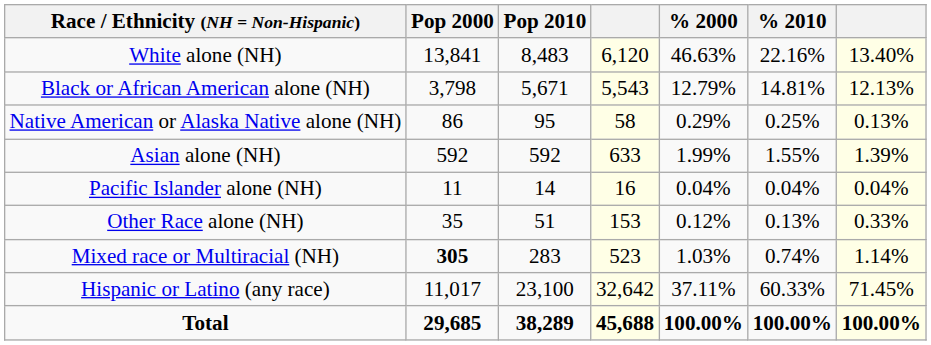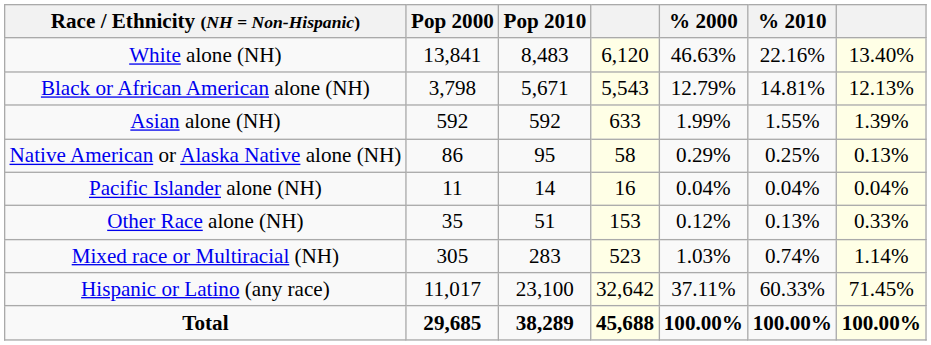 <table class="wikitable" style="text-align:center;">
 <tr>
 <th>Race / Ethnicity <small>(<em>NH = Non-Hispanic</em>)</small></th>
 <th>Pop 2000</th>
 <th>Pop 2010</th>
 <th></th>
 <th>% 2000</th>
 <th>% 2010</th>
 <th></th>
 </tr>
 <tr>
 <td><a href='#'>White</a> alone (NH)</td>
 <td>13,841</td>
 <td>8,483</td>
 <td style='background: #ffffe6;'>6,120</td>
 <td>46.63%</td>
 <td>22.16%</td>
 <td style='background: #ffffe6;'>13.40%</td>
 </tr>
 <tr>
 <td><a href='#'>Black or African American</a> alone (NH)</td>
 <td>3,798</td>
 <td>5,671</td>
 <td style='background: #ffffe6;'>5,543</td>
 <td>12.79%</td>
 <td>14.81%</td>
 <td style='background: #ffffe6;'>12.13%</td>
 </tr>
 <tr>
+<td><a href='#'>Asian</a> alone (NH)</td>
+<td>592</td>
+<td>592</td>
+<td style='background: #ffffe6;'>633</td>
+<td>1.99%</td>
+<td>1.55%</td>
+<td style='background: #ffffe6;'>1.39%</td>
+</tr>
+<tr>
 <td><a href='#'>Native American</a> or <a href='#'>Alaska Native</a> alone (NH)</td>
 <td>86</td>
 <td>95</td>
 <td style='background: #ffffe6;'>58</td>
 <td>0.29%</td>
 <td>0.25%</td>
 <td style='background: #ffffe6;'>0.13%</td>
-</tr>
-<tr>
-<td><a href='#'>Asian</a> alone (NH)</td>
-<td>592</td>
-<td>592</td>
-<td style='background: #ffffe6;'>633</td>
-<td>1.99%</td>
-<td>1.55%</td>
-<td style='background: #ffffe6;'>1.39%</td>
 </tr>
 <tr>
 <td><a href='#'>Pacific Islander</a> alone (NH)</td>
 <td>11</td>
 <td>14</td>
 <td style='background: #ffffe6;'>16</td>
 <td>0.04%</td>
 <td>0.04%</td>
 <td style='background: #ffffe6;'>0.04%</td>
 </tr>
 <tr>
 <td><a href='#'>Other Race</a> alone (NH)</td>
 <td>35</td>
 <td>51</td>
 <td style='background: #ffffe6;'>153</td>
 <td>0.12%</td>
 <td>0.13%</td>
 <td style='background: #ffffe6;'>0.33%</td>
 </tr>
 <tr>
 <td><a href='#'>Mixed race or Multiracial</a> (NH)</td>
-<td><strong>305</strong></td>
+<td>305</td>
 <td>283</td>
 <td style='background: #ffffe6;'>523</td>
 <td>1.03%</td>
 <td>0.74%</td>
 <td style='background: #ffffe6;'>1.14%</td>
 </tr>
 <tr>
 <td><a href='#'>Hispanic or Latino</a> (any race)</td>
 <td>11,017</td>
 <td>23,100</td>
 <td style='background: #ffffe6;'>32,642</td>
 <td>37.11%</td>
 <td>60.33%</td>
 <td style='background: #ffffe6;'>71.45%</td>
 </tr>
 <tr>
 <td><strong>Total</strong></td>
 <td><strong>29,685</strong></td>
 <td><strong>38,289</strong></td>
 <td style='background: #ffffe6;'><strong>45,688</strong></td>
 <td><strong>100.00%</strong></td>
 <td><strong>100.00%</strong></td>
 <td style='background: #ffffe6;'><strong>100.00%</strong></td>
 </tr>
 </table>
